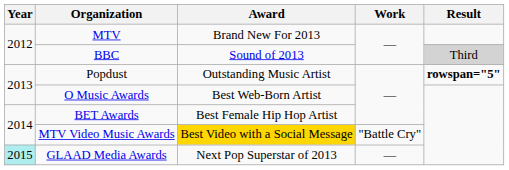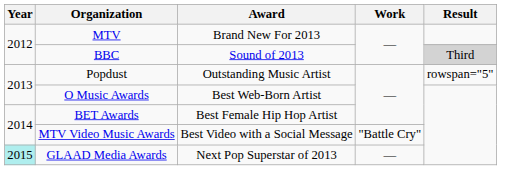 <table class="wikitable plainrowheaders" style="text-align:center;">
 <tr>
 <th>Year</th>
 <th>Organization</th>
 <th>Award</th>
 <th>Work</th>
 <th>Result</th>
 </tr>
 <tr>
 <td rowspan="2">2012</td>
 <td><a href='#'>MTV</a></td>
 <td>Brand New For 2013</td>
 <td rowspan="2">—</td>
 <td></td>
 </tr>
 <tr>
 <td><a href='#'>BBC</a></td>
 <td><a href='#'>Sound of 2013</a></td>
 <td style="background:lightgrey">Third</td>
 </tr>
 <tr>
 <td rowspan="2">2013</td>
 <td>Popdust</td>
 <td>Outstanding Music Artist</td>
 <td rowspan="3">—</td>
-<td><strong>rowspan="5" </strong></td>
+<td>rowspan="5" </td>
 </tr>
 <tr>
 <td><a href='#'>O Music Awards</a></td>
 <td>Best Web-Born Artist</td>
 </tr>
 <tr>
 <td rowspan="2">2014</td>
 <td><a href='#'>BET Awards</a></td>
 <td>Best Female Hip Hop Artist</td>
 </tr>
 <tr>
 <td><a href='#'>MTV Video Music Awards</a></td>
-<td style="background: gold;">Best Video with a Social Message</td>
+<td>Best Video with a Social Message</td>
 <td>"Battle Cry"</td>
 </tr>
 <tr>
 <td style="background: paleturquoise;">2015</td>
 <td><a href='#'>GLAAD Media Awards</a></td>
 <td>Next Pop Superstar of 2013</td>
 <td>—</td>
 </tr>
 </table>
